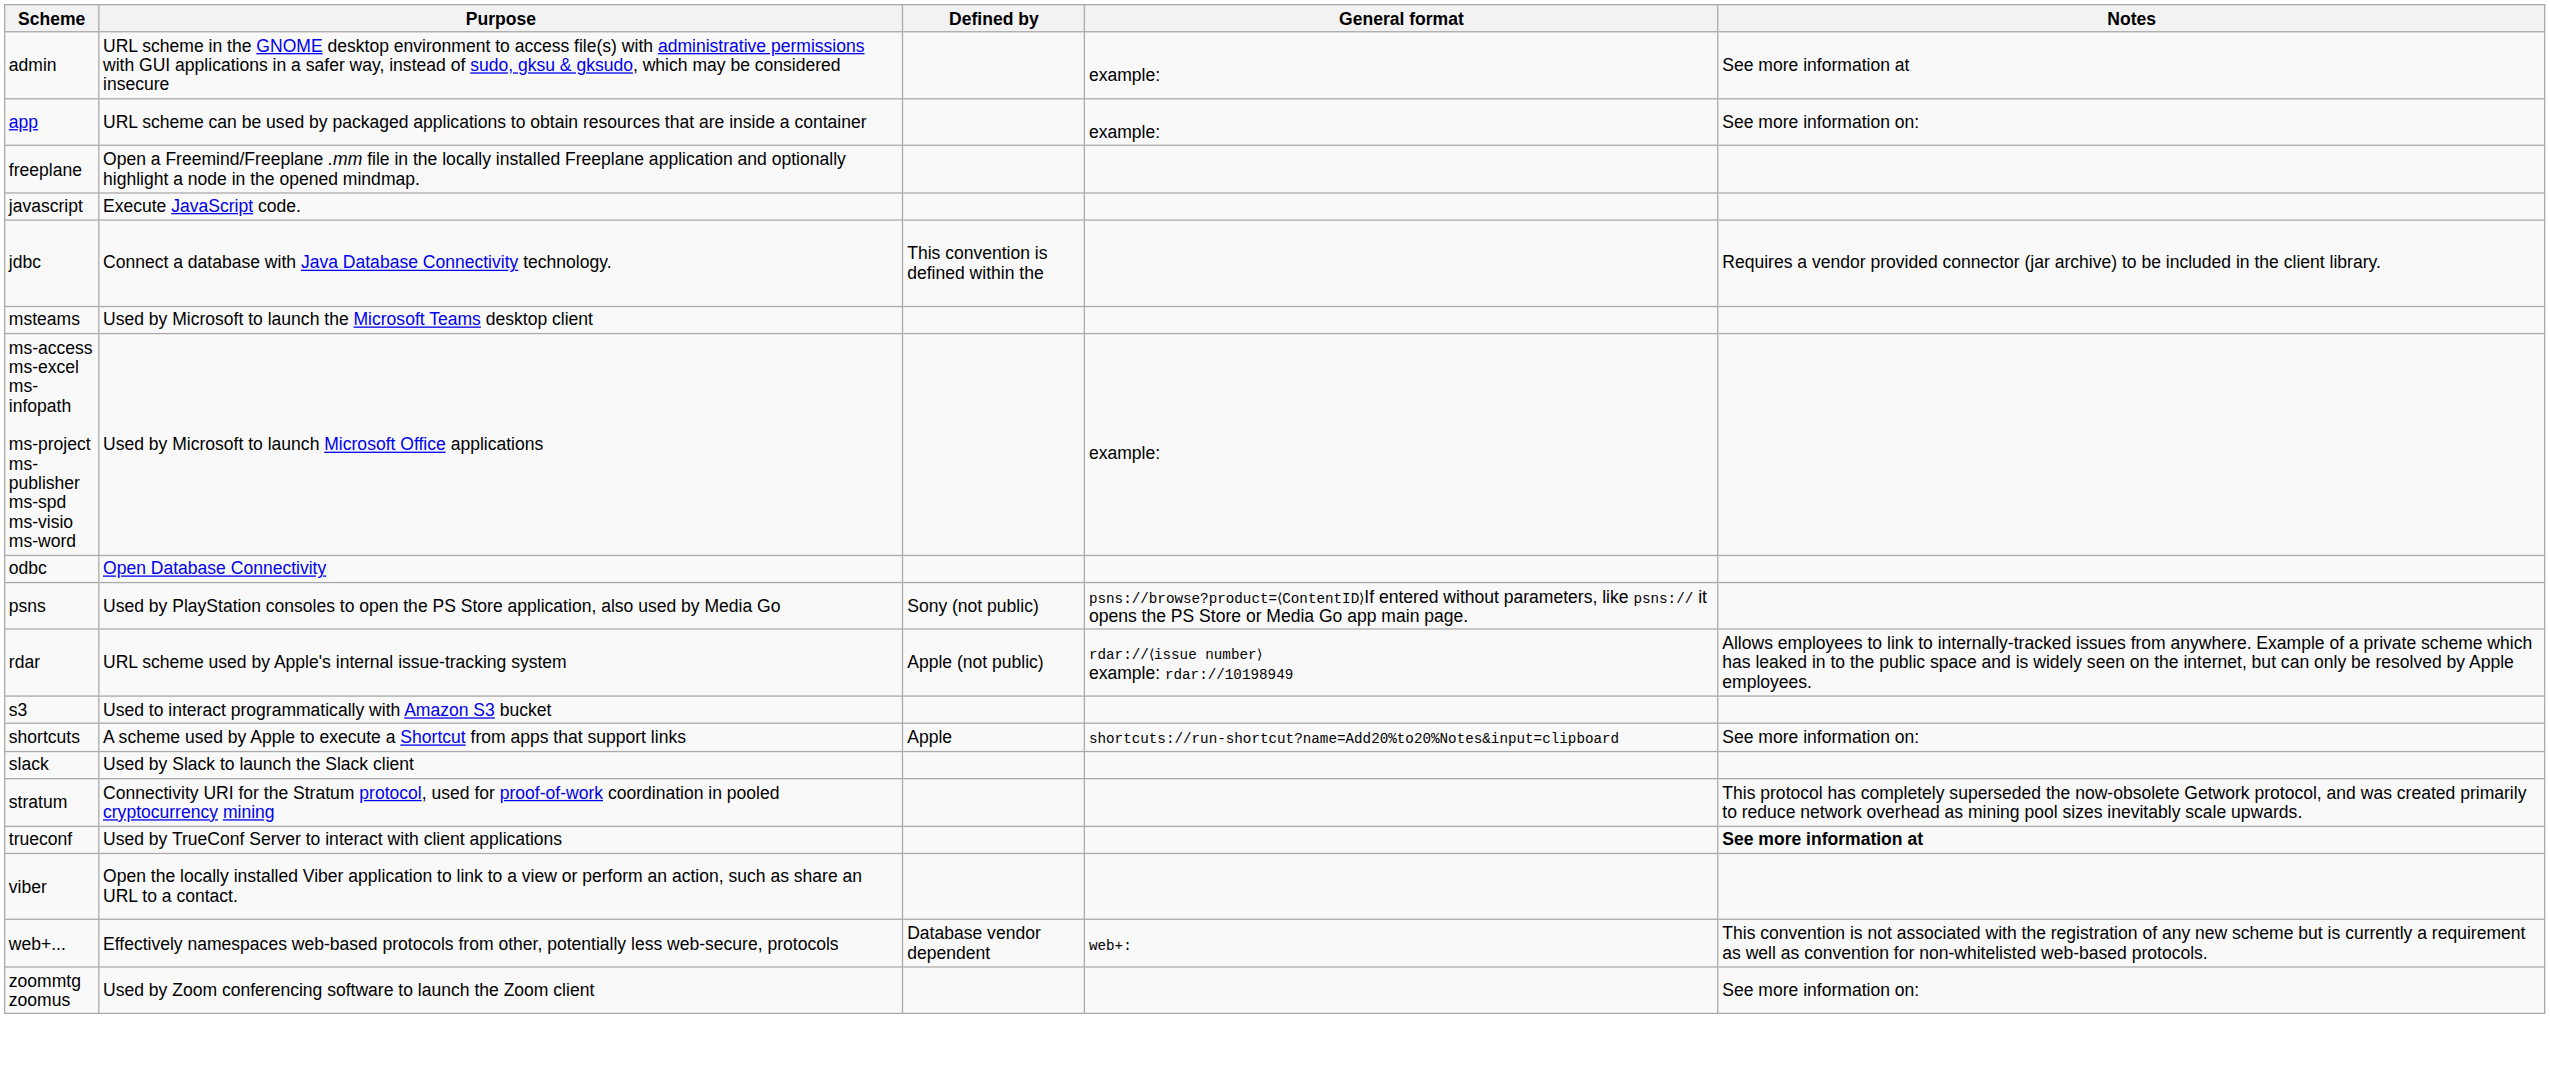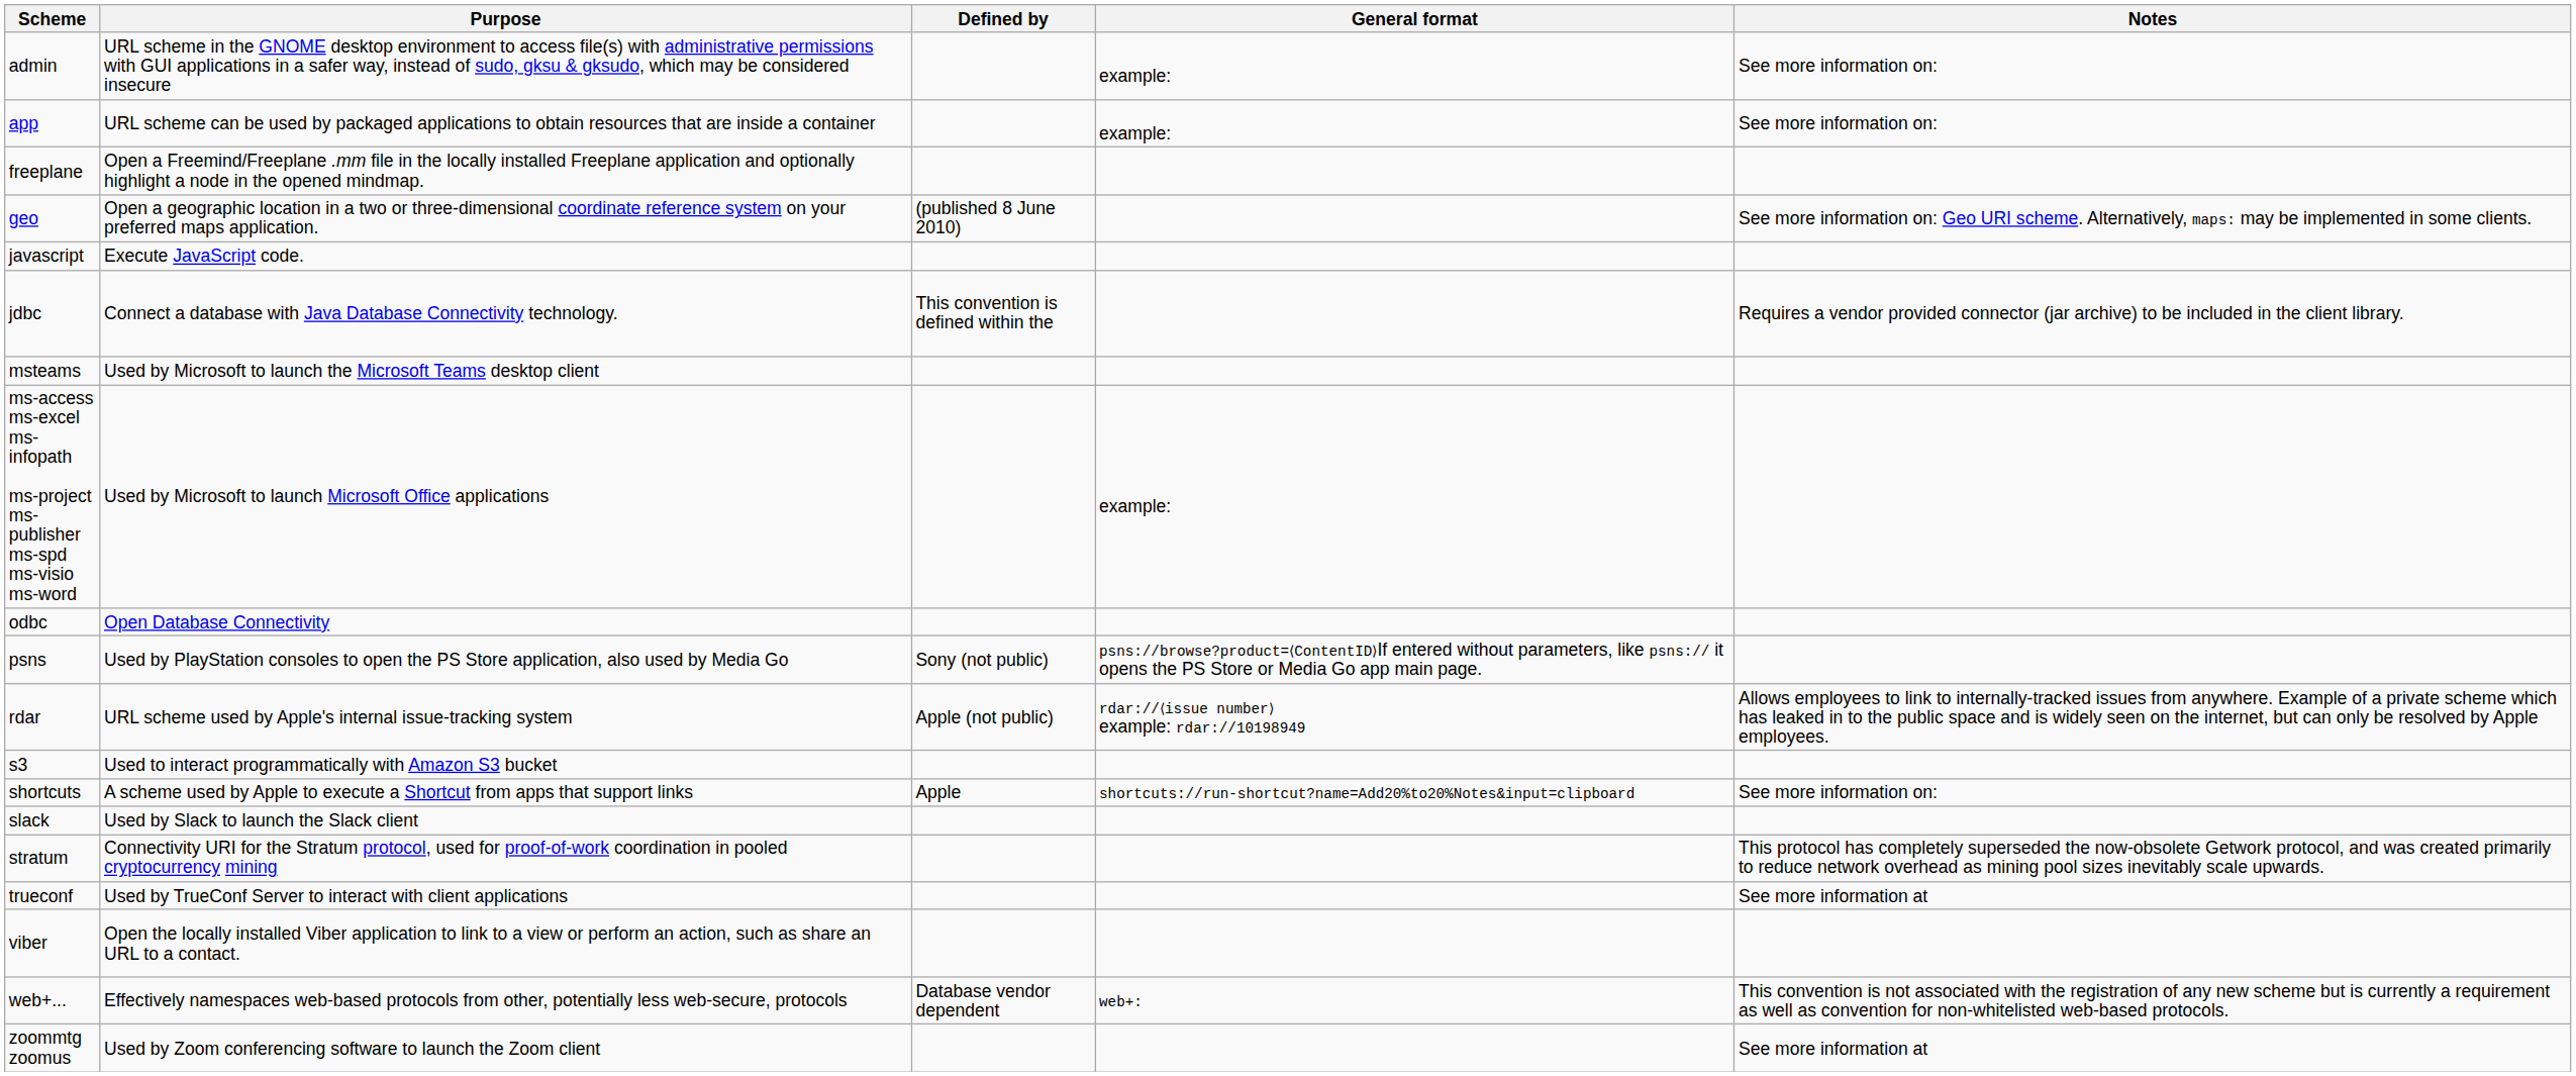 <table class="wikitable" style="font-size: 85%; vertical-align: top">
 <tr>
 <th>Scheme</th>
 <th>Purpose</th>
 <th>Defined by</th>
 <th>General format</th>
 <th>Notes</th>
 </tr>
 <tr>
 <td>admin <span></span></td>
 <td>URL scheme in the <a href='#'>GNOME</a> desktop environment to access file(s) with <a href='#'>administrative permissions</a> with GUI applications in a safer way, instead of <a href='#'>sudo, gksu & gksudo</a>, which may be considered insecure</td>
 <td></td>
 <td><code></code><br>example: <code></code></td>
-<td>See more information at </td>
+<td>See more information on: </td>
 </tr>
 <tr>
 <td><a href='#'>app</a> <span></span></td>
 <td>URL scheme can be used by packaged applications to obtain resources that are inside a container</td>
 <td></td>
 <td><code></code><br>example: <code></code></td>
 <td>See more information on:  </td>
 </tr>
 <tr>
 <td>freeplane <span></span></td>
 <td>Open a Freemind/Freeplane <em>.mm</em> file in the locally installed Freeplane application and optionally highlight a node in the opened mindmap.</td>
 <td></td>
 <td><code></code><br><br><code></code></td>
+</tr>
+<tr>
+<td><a href='#'>geo</a> <span></span></td>
+<td>Open a geographic location in a two or three-dimensional <a href='#'>coordinate reference system</a> on your preferred maps application.</td>
+<td> (published 8 June 2010)</td>
+<td><code></code></td>
+<td>See more information on: <a href='#'>Geo URI scheme</a>. Alternatively, <code>maps:</code> may be implemented in some clients.</td>
 </tr>
 <tr>
 <td>javascript <span></span></td>
 <td>Execute <a href='#'>JavaScript</a> code.</td>
 <td></td>
 <td><code></code></td>
 <td></td>
 </tr>
 <tr>
 <td>jdbc <span></span></td>
 <td>Connect a database with <a href='#'>Java Database Connectivity</a> technology.</td>
 <td>This convention is defined within the </td>
 <td><code></code><br><br><code></code><br> <code></code><br> <code></code></td>
 <td>Requires a vendor provided connector (jar archive) to be included in the client library.</td>
 </tr>
 <tr>
 <td>msteams <span></span></td>
 <td>Used by Microsoft to launch the <a href='#'>Microsoft Teams</a> desktop client</td>
 <td></td>
 <td><code></code></td>
 <td></td>
 </tr>
 <tr>
 <td>ms-access<br>ms-excel<br>ms-infopath<br><br>ms-project<br>ms-publisher<br>ms-spd<br>ms-visio<br>ms-word</td>
 <td>Used by Microsoft to launch <a href='#'>Microsoft Office</a> applications</td>
 <td></td>
 <td><code></code><br>example: <code></code></td>
 <td></td>
 </tr>
 <tr>
 <td>odbc <span></span></td>
 <td><a href='#'>Open Database Connectivity</a></td>
 <td></td>
 <td></td>
 <td></td>
 </tr>
 <tr>
 <td>psns</td>
 <td>Used by PlayStation consoles to open the PS Store application, also used by Media Go</td>
 <td>Sony (not public)</td>
 <td><code>psns://browse?product=⟨ContentID⟩</code>If entered without parameters, like <code>psns://</code> it opens the PS Store or Media Go app main page.</td>
 <td></td>
 </tr>
 <tr>
 <td>rdar</td>
 <td>URL scheme used by Apple's internal issue-tracking system</td>
 <td>Apple (not public)</td>
 <td><code>rdar://⟨issue number⟩</code><br>example: <code>rdar://10198949</code></td>
 <td>Allows employees to link to internally-tracked issues from anywhere. Example of a private scheme which has leaked in to the public space and is widely seen on the internet, but can only be resolved by Apple employees.</td>
 </tr>
 <tr>
 <td>s3</td>
 <td>Used to interact programmatically with <a href='#'>Amazon S3</a> bucket</td>
 <td></td>
 <td></td>
 <td></td>
 </tr>
 <tr>
 <td>shortcuts</td>
 <td>A scheme used by Apple to execute a <a href='#'>Shortcut</a> from apps that support links</td>
 <td>Apple</td>
 <td><code>shortcuts://run-shortcut?name=Add20%to20%Notes&input=clipboard</code></td>
 <td>See more information on: </td>
 </tr>
 <tr>
 <td>slack</td>
 <td>Used by Slack to launch the Slack client</td>
 <td></td>
 <td><code></code></td>
 <td></td>
 </tr>
 <tr>
 <td>stratum <span></span></td>
 <td>Connectivity URI for the Stratum <a href='#'>protocol</a>, used for <a href='#'>proof-of-work</a> coordination in pooled <a href='#'>cryptocurrency</a> <a href='#'>mining</a></td>
 <td></td>
 <td><code></code></td>
 <td>This protocol has completely superseded the now-obsolete Getwork protocol, and was created primarily to reduce network overhead as mining pool sizes inevitably scale upwards.</td>
 </tr>
 <tr>
 <td>trueconf</td>
 <td>Used by TrueConf Server to interact with client applications</td>
 <td></td>
 <td><code></code></td>
-<td><strong>See more information at </strong></td>
+<td>See more information at </td>
 </tr>
 <tr>
 <td>viber <span></span></td>
 <td>Open the locally installed Viber application to link to a view or perform an action, such as share an URL to a contact.</td>
 <td><br><br></td>
 <td><code></code><br><br><code></code><br> <code></code></td>
 <td></td>
 </tr>
 <tr>
 <td>web+... <span></span></td>
 <td>Effectively namespaces web-based protocols from other, potentially less web-secure, protocols</td>
 <td>Database vendor dependent</td>
 <td><code>web+:</code></td>
 <td>This convention is not associated with the registration of any new scheme but is currently a requirement as well as convention for non-whitelisted web-based protocols.</td>
 </tr>
 <tr>
 <td>zoommtg<br>zoomus</td>
 <td>Used by Zoom conferencing software to launch the Zoom client</td>
 <td></td>
 <td><code></code></td>
-<td>See more information on: </td>
+<td>See more information at </td>
 </tr>
 </table>
